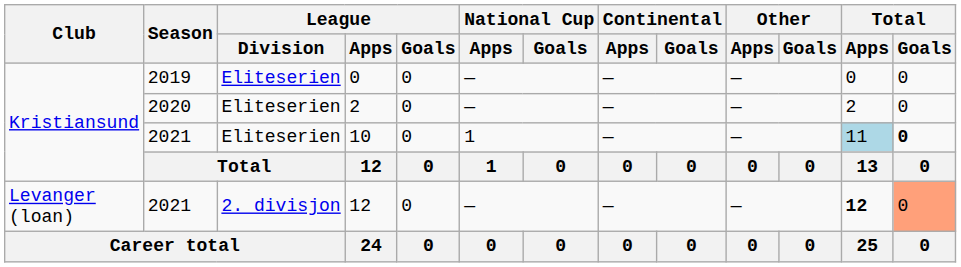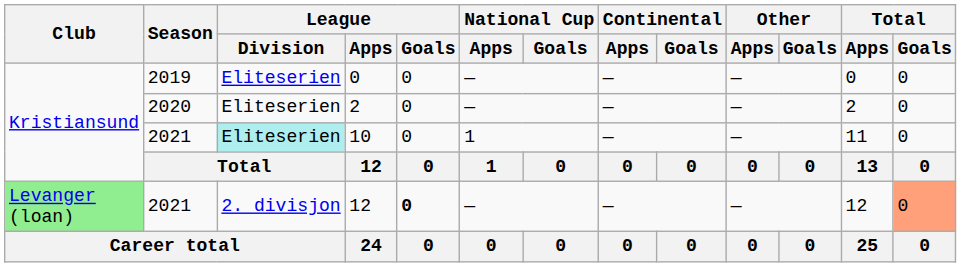 <table class="wikitable">
 <tr>
 <th rowspan="2">Club</th>
 <th rowspan="2">Season</th>
 <th colspan="3">League</th>
 <th colspan="2">National Cup</th>
 <th colspan="2">Continental</th>
 <th colspan="2">Other</th>
 <th colspan="2">Total</th>
 </tr>
 <tr>
 <th>Division</th>
 <th>Apps</th>
 <th>Goals</th>
 <th>Apps</th>
 <th>Goals</th>
 <th>Apps</th>
 <th>Goals</th>
 <th>Apps</th>
 <th>Goals</th>
 <th>Apps</th>
 <th>Goals</th>
 </tr>
 <tr>
 <td rowspan="4"><a href='#'>Kristiansund</a></td>
 <td>2019</td>
 <td><a href='#'>Eliteserien</a></td>
 <td>0</td>
 <td>0</td>
 <td colspan="2">—</td>
 <td colspan="2">—</td>
 <td colspan="2">—</td>
 <td>0</td>
 <td>0</td>
 </tr>
 <tr>
 <td>2020</td>
 <td>Eliteserien</td>
 <td>2</td>
 <td>0</td>
 <td colspan="2">—</td>
 <td colspan="2">—</td>
 <td colspan="2">—</td>
 <td>2</td>
 <td>0</td>
 </tr>
 <tr>
 <td>2021</td>
-<td>Eliteserien</td>
+<td style="background: paleturquoise;">Eliteserien</td>
 <td>10</td>
 <td>0</td>
 <td colspan="2">1</td>
 <td colspan="2">—</td>
 <td colspan="2">—</td>
-<td style="background: lightblue;">11</td>
-<td><strong>0</strong></td>
+<td>11</td>
+<td>0</td>
 </tr>
 <tr>
 <th colspan="2">Total</th>
 <th>12</th>
 <th>0</th>
 <th>1</th>
 <th>0</th>
 <th>0</th>
 <th>0</th>
 <th>0</th>
 <th>0</th>
 <th>13</th>
 <th>0</th>
 </tr>
 <tr>
-<td><a href='#'>Levanger</a><br>(loan)</td>
+<td style="background: lightgreen;"><a href='#'>Levanger</a><br>(loan)</td>
 <td>2021</td>
 <td><a href='#'>2. divisjon</a></td>
 <td>12</td>
-<td>0</td>
+<td><strong>0</strong></td>
 <td colspan="2">—</td>
 <td colspan="2">—</td>
 <td colspan="2">—</td>
-<td><strong>12</strong></td>
+<td>12</td>
 <td style="background: lightsalmon;">0</td>
 </tr>
 <tr>
 <th colspan="3">Career total</th>
 <th>24</th>
 <th>0</th>
 <th>0</th>
 <th>0</th>
 <th>0</th>
 <th>0</th>
 <th>0</th>
 <th>0</th>
 <th>25</th>
 <th>0</th>
 </tr>
 </table>
